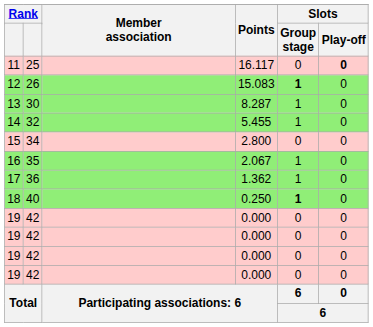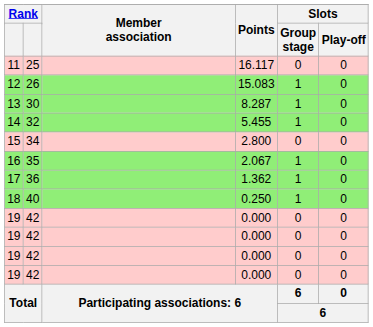 <table class="wikitable" style="text-align:center">
 <tr>
 </tr>
 <tr>
 <th colspan=2 rowspan=2><a href='#'>Rank</a></th>
 <th rowspan=3 width=250>Member<br>association</th>
 <th rowspan=3>Points</th>
 <th colspan=3>Slots</th>
 </tr>
 <tr>
 <th rowspan=2>Group<br>stage</th>
 <th rowspan=2>Play-off</th>
 </tr>
 <tr>
 <th></th>
 <th></th>
 </tr>
 <tr bgcolor=#ffcccc>
 <td>11</td>
 <td>25</td>
 <td align=left></td>
 <td>16.117</td>
 <td>0</td>
-<td><strong>0</strong></td>
+<td>0</td>
 </tr>
 <tr bgcolor=#90ee77>
 <td>12</td>
 <td>26</td>
 <td align=left></td>
 <td>15.083</td>
-<td><strong>1</strong></td>
+<td>1</td>
 <td>0</td>
 </tr>
 <tr bgcolor=#90ee77>
 <td>13</td>
 <td>30</td>
 <td align=left></td>
 <td>8.287</td>
 <td>1</td>
 <td>0</td>
 </tr>
 <tr bgcolor=#90ee77>
 <td>14</td>
 <td>32</td>
 <td align=left></td>
 <td>5.455</td>
 <td>1</td>
 <td>0</td>
 </tr>
 <tr bgcolor=#ffcccc>
 <td>15</td>
 <td>34</td>
 <td align=left></td>
 <td>2.800</td>
 <td>0</td>
 <td>0</td>
 </tr>
 <tr bgcolor=#90ee77>
 <td>16</td>
 <td>35</td>
 <td align=left></td>
 <td>2.067</td>
 <td>1</td>
 <td>0</td>
 </tr>
 <tr bgcolor=#90ee77>
 <td>17</td>
 <td>36</td>
 <td align=left></td>
 <td>1.362</td>
 <td>1</td>
 <td>0</td>
 </tr>
 <tr bgcolor=#90ee77>
 <td>18</td>
 <td>40</td>
 <td align=left></td>
 <td>0.250</td>
-<td><strong>1</strong></td>
+<td>1</td>
 <td>0</td>
 </tr>
 <tr bgcolor=#ffcccc>
 <td>19</td>
 <td>42</td>
 <td align=left></td>
 <td>0.000</td>
 <td>0</td>
 <td>0</td>
 </tr>
 <tr bgcolor=#ffcccc>
 <td>19</td>
 <td>42</td>
 <td align=left></td>
 <td>0.000</td>
 <td>0</td>
 <td>0</td>
 </tr>
 <tr bgcolor=#ffcccc>
 <td>19</td>
 <td>42</td>
 <td align=left></td>
 <td>0.000</td>
 <td>0</td>
 <td>0</td>
 </tr>
 <tr bgcolor=#ffcccc>
 <td>19</td>
 <td>42</td>
 <td align=left></td>
 <td>0.000</td>
 <td>0</td>
 <td>0</td>
 </tr>
 <tr>
 <th colspan=2 rowspan=2>Total</th>
 <th colspan=2 rowspan=2>Participating associations: 6</th>
 <th>6</th>
 <th>0</th>
 </tr>
 <tr>
 <th colspan=2>6</th>
 </tr>
 </table>
